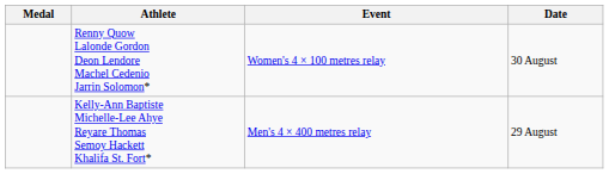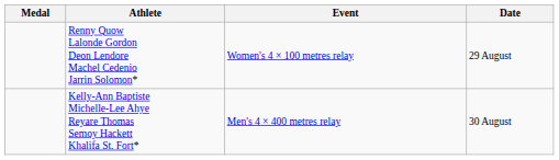 <table class="wikitable" style="font-size:90%" width=60%>
 <tr>
 <th>Medal</th>
 <th>Athlete</th>
 <th>Event</th>
 <th>Date</th>
 </tr>
 <tr>
 <td></td>
 <td><a href='#'>Renny Quow</a><br><a href='#'>Lalonde Gordon</a><br><a href='#'>Deon Lendore</a><br><a href='#'>Machel Cedenio</a><br><a href='#'>Jarrin Solomon</a>*</td>
 <td><a href='#'>Women's 4 × 100 metres relay</a></td>
-<td>30 August</td>
+<td>29 August</td>
 </tr>
 <tr>
 <td></td>
 <td><a href='#'>Kelly-Ann Baptiste</a><br><a href='#'>Michelle-Lee Ahye</a><br><a href='#'>Reyare Thomas</a><br><a href='#'>Semoy Hackett</a><br><a href='#'>Khalifa St. Fort</a>*</td>
 <td><a href='#'>Men's 4 × 400 metres relay</a></td>
-<td>29 August</td>
+<td>30 August</td>
 </tr>
 </table>
